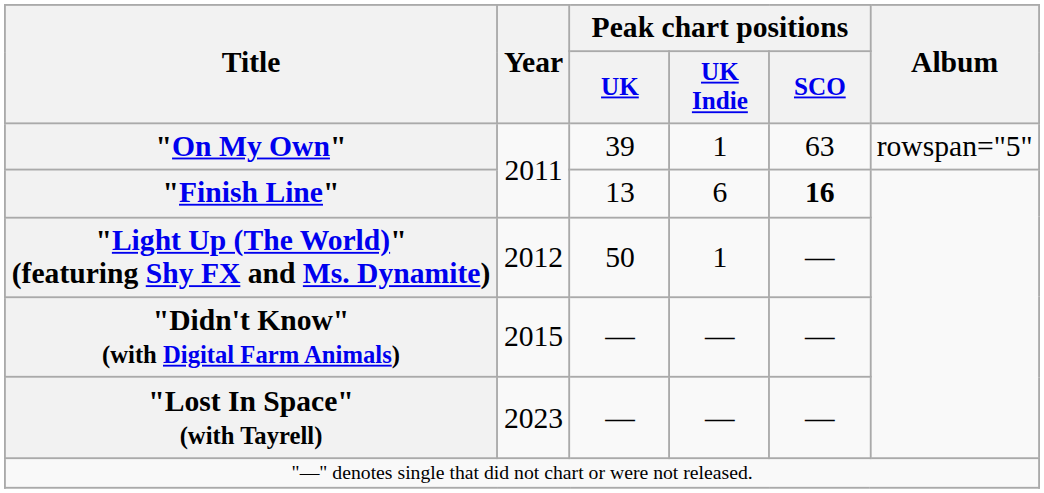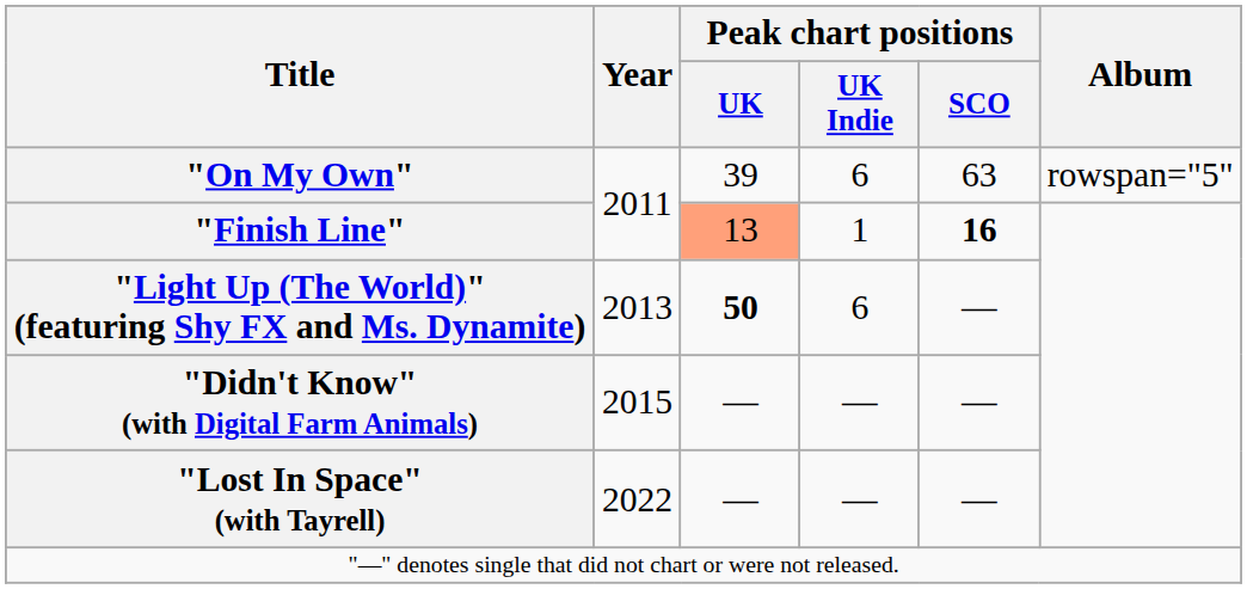 <table class="wikitable plainrowheaders" style="text-align:center;">
 <tr>
 <th scope="col" rowspan="2">Title</th>
 <th scope="col" rowspan="2">Year</th>
 <th scope="col" colspan="3">Peak chart positions</th>
 <th scope="col" rowspan="2">Album</th>
 </tr>
 <tr>
 <th scope="col" style="width:3.5em;font-size:85%;"><a href='#'>UK</a><br></th>
 <th scope="col" style="width:3.5em;font-size:85%;"><a href='#'>UK<br>Indie</a><br></th>
 <th scope="col" style="width:3.5em;font-size:85%;"><a href='#'>SCO</a><br></th>
 </tr>
 <tr>
 <th scope="row">"<a href='#'>On My Own</a>"</th>
 <td rowspan="2">2011</td>
 <td>39</td>
-<td>1</td>
+<td>6</td>
 <td>63</td>
 <td>rowspan="5" </td>
 </tr>
 <tr>
 <th scope="row">"<a href='#'>Finish Line</a>"</th>
-<td>13</td>
-<td>6</td>
+<td style="background: lightsalmon;">13</td>
+<td>1</td>
 <td><strong>16</strong></td>
 </tr>
 <tr>
 <th scope="row">"<a href='#'>Light Up (The World)</a>"<br><span>(featuring <a href='#'>Shy FX</a> and <a href='#'>Ms. Dynamite</a>)</span></th>
-<td>2012</td>
-<td>50</td>
-<td>1</td>
+<td>2013</td>
+<td><strong>50</strong></td>
+<td>6</td>
 <td>—</td>
 </tr>
 <tr>
 <th scope="row">"Didn't Know"<br><small>(with <a href='#'>Digital Farm Animals</a>)<br></small></th>
 <td>2015</td>
 <td>—</td>
 <td>—</td>
 <td>—</td>
 </tr>
 <tr>
 <th scope="row">"Lost In Space"<br><small>(with Tayrell)<br></small></th>
-<td>2023</td>
+<td>2022</td>
 <td>—</td>
 <td>—</td>
 <td>—</td>
 </tr>
 <tr>
 <td colspan="16" style="text-align:center; font-size:8pt;">"—" denotes single that did not chart or were not released.</td>
 </tr>
 </table>
